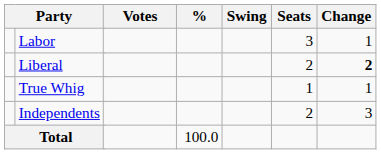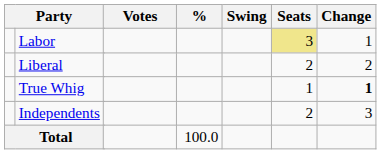 <table class="wikitable" style="text-align:right; margin-bottom:0">
 <tr>
 <th style="width:10px;" colspan=3>Party</th>
 <th style="width:70px;">Votes</th>
 <th style="width:40px;">%</th>
 <th style="width:40px;">Swing</th>
 <th style="width:40px;">Seats</th>
 <th style="width:40px;">Change</th>
 </tr>
 <tr>
 <td> </td>
 <td style="text-align:left;" colspan="2"><a href='#'>Labor</a></td>
 <td style="width:70px;"></td>
 <td style="width:40px;"></td>
 <td style="width:45px;"></td>
-<td style="width:40px;">3</td>
+<td style="background: khaki; width:40px;">3</td>
 <td style="width:55px;"> 1</td>
 </tr>
 <tr>
 <td> </td>
 <td style="text-align:left;" colspan="2"><a href='#'>Liberal</a></td>
 <td style="width:70px;"></td>
 <td style="width:40px;"></td>
 <td style="width:45px;"></td>
 <td style="width:40px;">2</td>
-<td style="width:55px;"><strong> 2</strong></td>
+<td style="width:55px;"> 2</td>
 </tr>
 <tr>
 <td> </td>
 <td style="text-align:left;" colspan="2"><a href='#'>True Whig</a></td>
 <td></td>
 <td></td>
 <td></td>
 <td>1</td>
-<td> 1</td>
+<td><strong> 1</strong></td>
 </tr>
 <tr>
 <td> </td>
 <td style="text-align:left;" colspan="2"><a href='#'>Independents</a></td>
 <td></td>
 <td></td>
 <td></td>
 <td>2</td>
 <td> 3</td>
 </tr>
 <tr>
 <th colspan="3"> Total</th>
 <td></td>
 <td>100.0</td>
 <td></td>
 <td></td>
 <td></td>
 </tr>
 </table>
